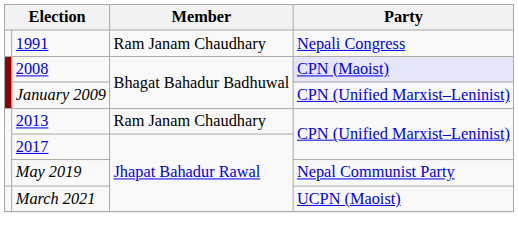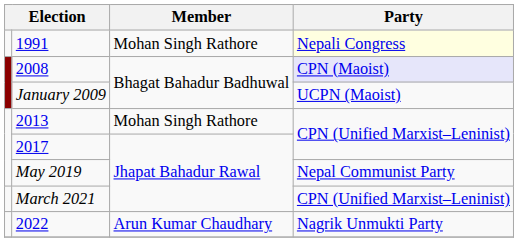 <table class="wikitable">
 <tr>
 <th colspan="2">Election</th>
 <th>Member</th>
 <th>Party</th>
 </tr>
 <tr>
 <td style="background-color:"></td>
 <td><a href='#'>1991</a></td>
-<td>Ram Janam Chaudhary</td>
-<td><a href='#'>Nepali Congress</a></td>
+<td>Mohan Singh Rathore</td>
+<td style="background: lightyellow;"><a href='#'>Nepali Congress</a></td>
 </tr>
 <tr>
 <td rowspan="2" style="background-color:darkred"></td>
 <td><a href='#'>2008</a></td>
 <td rowspan="2">Bhagat Bahadur Badhuwal</td>
 <td style="background: lavender;"><a href='#'>CPN (Maoist)</a></td>
 </tr>
 <tr>
 <td><em>January 2009</em></td>
-<td><a href='#'>CPN (Unified Marxist–Leninist)</a></td>
+<td><a href='#'>UCPN (Maoist)</a></td>
 </tr>
 <tr>
 <td rowspan="3" style="background-color:"></td>
 <td><a href='#'>2013</a></td>
-<td>Ram Janam Chaudhary</td>
+<td>Mohan Singh Rathore</td>
 <td rowspan="2"><a href='#'>CPN (Unified Marxist–Leninist)</a></td>
 </tr>
 <tr>
 <td><a href='#'>2017</a></td>
 <td rowspan="3"><a href='#'>Jhapat Bahadur Rawal</a></td>
 </tr>
 <tr>
 <td><em>May 2019</em></td>
 <td><a href='#'>Nepal Communist Party</a></td>
 </tr>
 <tr>
 <td></td>
 <td><em>March 2021</em></td>
-<td><a href='#'>UCPN (Maoist)</a></td>
+<td><a href='#'>CPN (Unified Marxist–Leninist)</a></td>
+</tr>
+<tr>
+<td></td>
+<td><a href='#'>2022</a></td>
+<td><a href='#'>Arun Kumar Chaudhary</a></td>
+<td><a href='#'>Nagrik Unmukti Party</a></td>
 </tr>
 <tr>
 </tr>
 </table>
